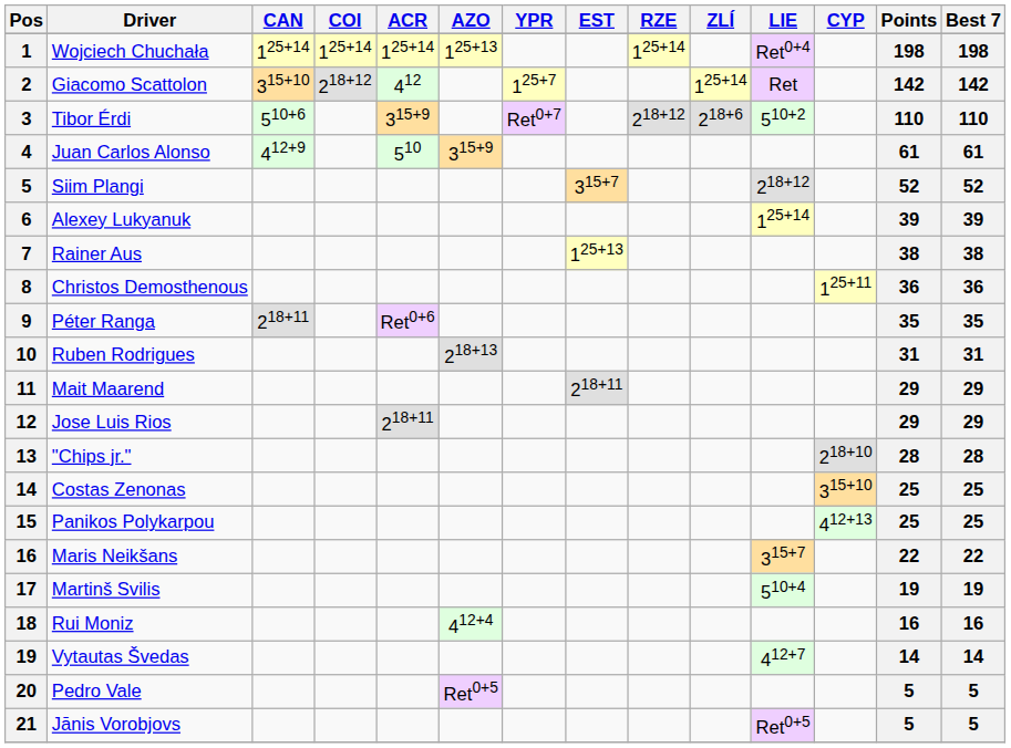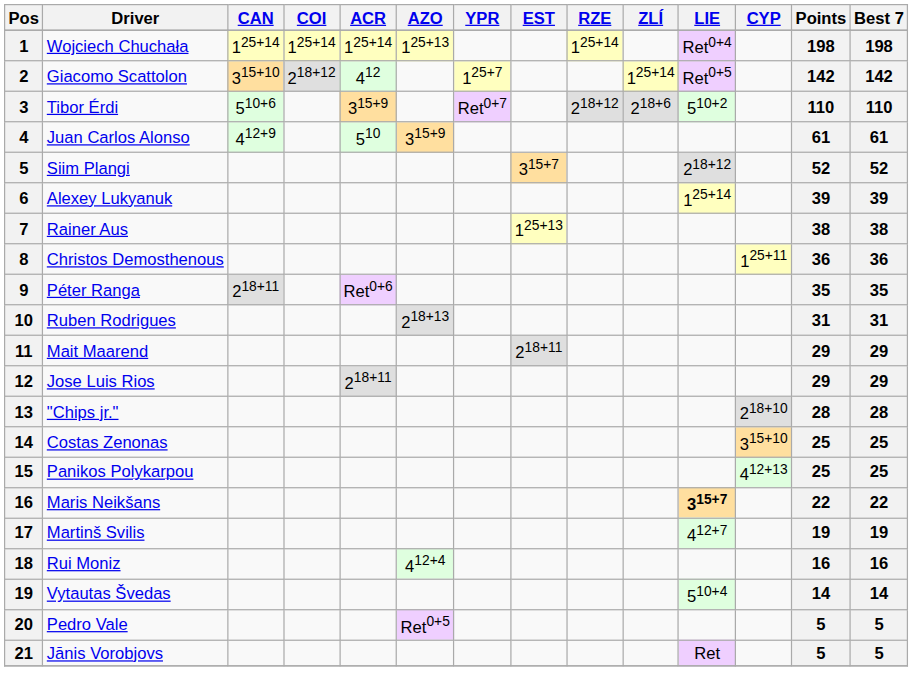 <table class="wikitable" style="font-size: 85%; text-align: center;">
 <tr valign="top">
 <th valign="middle">Pos</th>
 <th valign="middle">Driver</th>
 <th><a href='#'>CAN</a><br></th>
 <th><a href='#'>COI</a><br></th>
 <th><a href='#'>ACR</a><br></th>
 <th><a href='#'>AZO</a><br></th>
 <th><a href='#'>YPR</a><br></th>
 <th><a href='#'>EST</a><br></th>
 <th><a href='#'>RZE</a><br></th>
 <th><a href='#'>ZLÍ</a><br></th>
 <th><a href='#'>LIE</a><br></th>
 <th><a href='#'>CYP</a><br></th>
 <th valign="middle">Points</th>
 <th valign="middle">Best 7</th>
 </tr>
 <tr>
 </tr>
 <tr>
 <th>1</th>
 <td align=left> <a href='#'>Wojciech Chuchała</a></td>
 <td style="background:#ffffbf;">1<sup>25+14</sup></td>
 <td style="background:#ffffbf;">1<sup>25+14</sup></td>
 <td style="background:#ffffbf;">1<sup>25+14</sup></td>
 <td style="background:#ffffbf;">1<sup>25+13</sup></td>
 <td></td>
 <td></td>
 <td style="background:#ffffbf;">1<sup>25+14</sup></td>
 <td></td>
 <td style="background:#efcfff;">Ret<sup>0+4</sup></td>
 <td></td>
 <th>198</th>
 <th>198</th>
 </tr>
 <tr>
 <th>2</th>
 <td align=left> <a href='#'>Giacomo Scattolon</a></td>
 <td style="background:#ffdf9f;">3<sup>15+10</sup></td>
 <td style="background:#dfdfdf;">2<sup>18+12</sup></td>
 <td style="background:#dfffdf;">4<sup>12</sup></td>
 <td></td>
 <td style="background:#ffffbf;">1<sup>25+7</sup></td>
 <td></td>
 <td></td>
 <td style="background:#ffffbf;">1<sup>25+14</sup></td>
-<td style="background:#efcfff;">Ret</td>
+<td style="background:#efcfff;">Ret<sup>0+5</sup></td>
 <td></td>
 <th>142</th>
 <th>142</th>
 </tr>
 <tr>
 <th>3</th>
 <td align=left> <a href='#'>Tibor Érdi</a></td>
 <td style="background:#dfffdf;">5<sup>10+6</sup></td>
 <td></td>
 <td style="background:#ffdf9f;">3<sup>15+9</sup></td>
 <td></td>
 <td style="background:#efcfff;">Ret<sup>0+7</sup></td>
 <td></td>
 <td style="background:#dfdfdf;">2<sup>18+12</sup></td>
 <td style="background:#dfdfdf;">2<sup>18+6</sup></td>
 <td style="background:#dfffdf;">5<sup>10+2</sup></td>
 <td></td>
 <th>110</th>
 <th>110</th>
 </tr>
 <tr>
 <th>4</th>
 <td align=left> <a href='#'>Juan Carlos Alonso</a></td>
 <td style="background:#dfffdf;">4<sup>12+9</sup></td>
 <td></td>
 <td style="background:#dfffdf;">5<sup>10</sup></td>
 <td style="background:#ffdf9f;">3<sup>15+9</sup></td>
 <td></td>
 <td></td>
 <td></td>
 <td></td>
 <td></td>
 <td></td>
 <th>61</th>
 <th>61</th>
 </tr>
 <tr>
 <th>5</th>
 <td align=left> <a href='#'>Siim Plangi</a></td>
 <td></td>
 <td></td>
 <td></td>
 <td></td>
 <td></td>
 <td style="background:#ffdf9f;">3<sup>15+7</sup></td>
 <td></td>
 <td></td>
 <td style="background:#dfdfdf;">2<sup>18+12</sup></td>
 <td></td>
 <th>52</th>
 <th>52</th>
 </tr>
 <tr>
 <th>6</th>
 <td align=left> <a href='#'>Alexey Lukyanuk</a></td>
 <td></td>
 <td></td>
 <td></td>
 <td></td>
 <td></td>
 <td></td>
 <td></td>
 <td></td>
 <td style="background:#ffffbf;">1<sup>25+14</sup></td>
 <td></td>
 <th>39</th>
 <th>39</th>
 </tr>
 <tr>
 <th>7</th>
 <td align=left> <a href='#'>Rainer Aus</a></td>
 <td></td>
 <td></td>
 <td></td>
 <td></td>
 <td></td>
 <td style="background:#ffffbf;">1<sup>25+13</sup></td>
 <td></td>
 <td></td>
 <td></td>
 <td></td>
 <th>38</th>
 <th>38</th>
 </tr>
 <tr>
 <th>8</th>
 <td align=left> <a href='#'>Christos Demosthenous</a></td>
 <td></td>
 <td></td>
 <td></td>
 <td></td>
 <td></td>
 <td></td>
 <td></td>
 <td></td>
 <td></td>
 <td style="background:#ffffbf;">1<sup>25+11</sup></td>
 <th>36</th>
 <th>36</th>
 </tr>
 <tr>
 <th>9</th>
 <td align=left> <a href='#'>Péter Ranga</a></td>
 <td style="background:#dfdfdf;">2<sup>18+11</sup></td>
 <td></td>
 <td style="background:#efcfff;">Ret<sup>0+6</sup></td>
 <td></td>
 <td></td>
 <td></td>
 <td></td>
 <td></td>
 <td></td>
 <td></td>
 <th>35</th>
 <th>35</th>
 </tr>
 <tr>
 <th>10</th>
 <td align=left> <a href='#'>Ruben Rodrigues</a></td>
 <td></td>
 <td></td>
 <td></td>
 <td style="background:#dfdfdf;">2<sup>18+13</sup></td>
 <td></td>
 <td></td>
 <td></td>
 <td></td>
 <td></td>
 <td></td>
 <th>31</th>
 <th>31</th>
 </tr>
 <tr>
 <th>11</th>
 <td align=left> <a href='#'>Mait Maarend</a></td>
 <td></td>
 <td></td>
 <td></td>
 <td></td>
 <td></td>
 <td style="background:#dfdfdf;">2<sup>18+11</sup></td>
 <td></td>
 <td></td>
 <td></td>
 <td></td>
 <th>29</th>
 <th>29</th>
 </tr>
 <tr>
 <th>12</th>
 <td align=left> <a href='#'>Jose Luis Rios</a></td>
 <td></td>
 <td></td>
 <td style="background:#dfdfdf;">2<sup>18+11</sup></td>
 <td></td>
 <td></td>
 <td></td>
 <td></td>
 <td></td>
 <td></td>
 <td></td>
 <th>29</th>
 <th>29</th>
 </tr>
 <tr>
 <th>13</th>
 <td align=left> <a href='#'>"Chips jr."</a></td>
 <td></td>
 <td></td>
 <td></td>
 <td></td>
 <td></td>
 <td></td>
 <td></td>
 <td></td>
 <td></td>
 <td style="background:#dfdfdf;">2<sup>18+10</sup></td>
 <th>28</th>
 <th>28</th>
 </tr>
 <tr>
 <th>14</th>
 <td align=left> <a href='#'>Costas Zenonas</a></td>
 <td></td>
 <td></td>
 <td></td>
 <td></td>
 <td></td>
 <td></td>
 <td></td>
 <td></td>
 <td></td>
 <td style="background:#ffdf9f;">3<sup>15+10</sup></td>
 <th>25</th>
 <th>25</th>
 </tr>
 <tr>
 <th>15</th>
 <td align=left> <a href='#'>Panikos Polykarpou</a></td>
 <td></td>
 <td></td>
 <td></td>
 <td></td>
 <td></td>
 <td></td>
 <td></td>
 <td></td>
 <td></td>
 <td style="background:#dfffdf;">4<sup>12+13</sup></td>
 <th>25</th>
 <th>25</th>
 </tr>
 <tr>
 <th>16</th>
 <td align=left> <a href='#'>Maris Neikšans</a></td>
 <td></td>
 <td></td>
 <td></td>
 <td></td>
 <td></td>
 <td></td>
 <td></td>
 <td></td>
-<td style="background:#ffdf9f;">3<sup>15+7</sup></td>
+<td style="background:#ffdf9f;"><strong>3<sup>15+7</sup></strong></td>
 <td></td>
 <th>22</th>
 <th>22</th>
 </tr>
 <tr>
 <th>17</th>
 <td align=left> <a href='#'>Martinš Svilis</a></td>
 <td></td>
 <td></td>
 <td></td>
 <td></td>
 <td></td>
 <td></td>
 <td></td>
 <td></td>
-<td style="background:#dfffdf;">5<sup>10+4</sup></td>
+<td style="background:#dfffdf;">4<sup>12+7</sup></td>
 <td></td>
 <th>19</th>
 <th>19</th>
 </tr>
 <tr>
 <th>18</th>
 <td align=left> <a href='#'>Rui Moniz</a></td>
 <td></td>
 <td></td>
 <td></td>
 <td style="background:#dfffdf;">4<sup>12+4</sup></td>
 <td></td>
 <td></td>
 <td></td>
 <td></td>
 <td></td>
 <td></td>
 <th>16</th>
 <th>16</th>
 </tr>
 <tr>
 <th>19</th>
 <td align=left> <a href='#'>Vytautas Švedas</a></td>
 <td></td>
 <td></td>
 <td></td>
 <td></td>
 <td></td>
 <td></td>
 <td></td>
 <td></td>
-<td style="background:#dfffdf;">4<sup>12+7</sup></td>
+<td style="background:#dfffdf;">5<sup>10+4</sup></td>
 <td></td>
 <th>14</th>
 <th>14</th>
 </tr>
 <tr>
 <th>20</th>
 <td align=left> <a href='#'>Pedro Vale</a></td>
 <td></td>
 <td></td>
 <td></td>
 <td style="background:#efcfff;">Ret<sup>0+5</sup></td>
 <td></td>
 <td></td>
 <td></td>
 <td></td>
 <td></td>
 <td></td>
 <th>5</th>
 <th>5</th>
 </tr>
 <tr>
 <th>21</th>
 <td align=left> <a href='#'>Jānis Vorobjovs</a></td>
 <td></td>
 <td></td>
 <td></td>
 <td></td>
 <td></td>
 <td></td>
 <td></td>
 <td></td>
-<td style="background:#efcfff;">Ret<sup>0+5</sup></td>
+<td style="background:#efcfff;">Ret</td>
 <td></td>
 <th>5</th>
 <th>5</th>
 </tr>
 <tr>
 </tr>
 </table>
